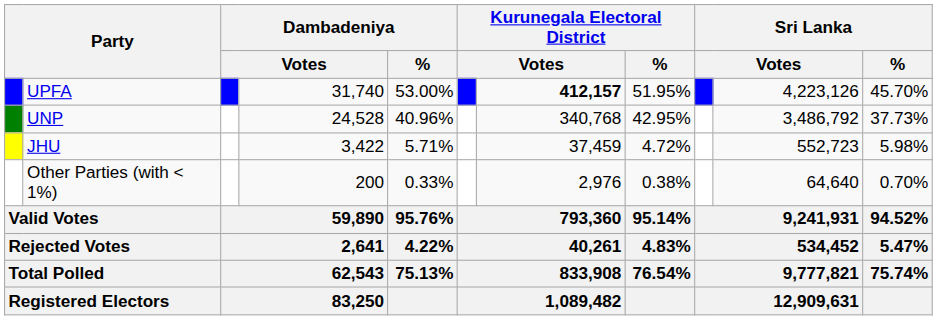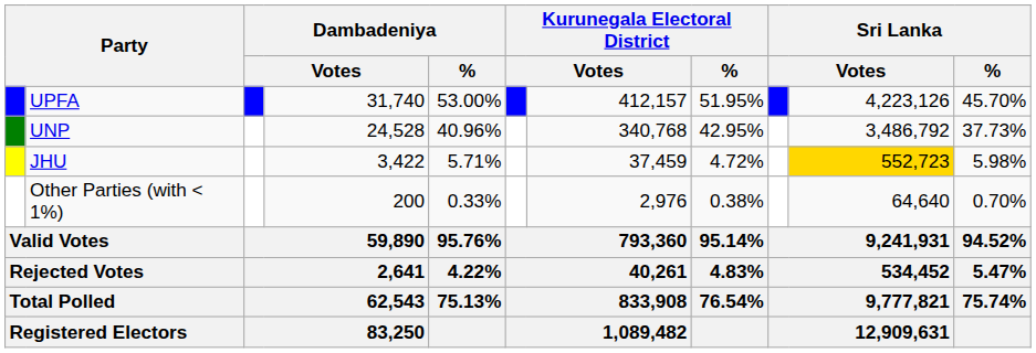 <table class="wikitable">
 <tr>
 <th colspan="2" width="144px"rowspan="2">Party</th>
 <th colspan="3" width="216px">Dambadeniya</th>
 <th colspan="3" width="216px"><a href='#'>Kurunegala Electoral District</a></th>
 <th colspan="3" width="216px">Sri Lanka</th>
 </tr>
 <tr>
 <th colspan="2" width="144px">Votes</th>
 <th>%</th>
 <th colspan="2" width="144px">Votes</th>
 <th>%</th>
 <th colspan="2" width="144px">Votes</th>
 <th>%</th>
 </tr>
 <tr>
 <td style="background-color:blue;" width="10px"></td>
 <td style="text-align:left;"><a href='#'>UPFA</a></td>
 <td style="background-color:blue;" width="10px"></td>
 <td style="text-align:right;">31,740</td>
 <td style="text-align:right;">53.00%</td>
 <td style="background-color:blue;" width="10px"></td>
-<td style="text-align:right;"><strong>412,157</strong></td>
+<td style="text-align:right;">412,157</td>
 <td style="text-align:right;">51.95%</td>
 <td style="background-color:blue;" width="10px"></td>
 <td style="text-align:right;">4,223,126</td>
 <td style="text-align:right;">45.70%</td>
 </tr>
 <tr>
 <td style="background-color:green;" width="10px"></td>
 <td style="text-align:left;"><a href='#'>UNP</a></td>
 <td style="background-color:white;" width="10px"></td>
 <td style="text-align:right;">24,528</td>
 <td style="text-align:right;">40.96%</td>
 <td style="background-color:white;" width="10px"></td>
 <td style="text-align:right;">340,768</td>
 <td style="text-align:right;">42.95%</td>
 <td style="background-color:white;" width="10px"></td>
 <td style="text-align:right;">3,486,792</td>
 <td style="text-align:right;">37.73%</td>
 </tr>
 <tr>
 <td style="background-color:yellow;" width="10px"></td>
 <td style="text-align:left;"><a href='#'>JHU</a></td>
 <td style="background-color:white;" width="10px"></td>
 <td style="text-align:right;">3,422</td>
 <td style="text-align:right;">5.71%</td>
 <td style="background-color:white;" width="10px"></td>
 <td style="text-align:right;">37,459</td>
 <td style="text-align:right;">4.72%</td>
 <td style="background-color:white;" width="10px"></td>
-<td style="text-align:right;">552,723</td>
+<td style="background: gold; text-align:right;">552,723</td>
 <td style="text-align:right;">5.98%</td>
 </tr>
 <tr>
 <td style="background-color:white;" width="10px"></td>
 <td style="text-align:left;">Other Parties (with < 1%)</td>
 <td style="background-color:white;" width="10px"></td>
 <td style="text-align:right;">200</td>
 <td style="text-align:right;">0.33%</td>
 <td style="background-color:white;" width="10px"></td>
 <td style="text-align:right;">2,976</td>
 <td style="text-align:right;">0.38%</td>
 <td style="background-color:white;" width="10px"></td>
 <td style="text-align:right;">64,640</td>
 <td style="text-align:right;">0.70%</td>
 </tr>
 <tr>
 <th colspan="2" width="144px"style="text-align:left;">Valid Votes</th>
 <th style="text-align:right;"colspan="2" width="144px">59,890</th>
 <th style="text-align:right;">95.76%</th>
 <th style="text-align:right;"colspan="2" width="144px">793,360</th>
 <th style="text-align:right;">95.14%</th>
 <th style="text-align:right;"colspan="2" width="144px">9,241,931</th>
 <th style="text-align:right;">94.52%</th>
 </tr>
 <tr>
 <th colspan="2" width="144px"style="text-align:left;">Rejected Votes</th>
 <th style="text-align:right;"colspan="2" width="144px">2,641</th>
 <th style="text-align:right;">4.22%</th>
 <th style="text-align:right;"colspan="2" width="144px">40,261</th>
 <th style="text-align:right;">4.83%</th>
 <th style="text-align:right;"colspan="2" width="144px">534,452</th>
 <th style="text-align:right;">5.47%</th>
 </tr>
 <tr>
 <th colspan="2" width="144px"style="text-align:left;">Total Polled</th>
 <th style="text-align:right;"colspan="2" width="144px">62,543</th>
 <th style="text-align:right;">75.13%</th>
 <th style="text-align:right;"colspan="2" width="144px">833,908</th>
 <th style="text-align:right;">76.54%</th>
 <th style="text-align:right;"colspan="2" width="144px">9,777,821</th>
 <th style="text-align:right;">75.74%</th>
 </tr>
 <tr>
 <th colspan="2" width="144px"style="text-align:left;">Registered Electors</th>
 <th style="text-align:right;"colspan="2" width="144px">83,250</th>
 <th></th>
 <th style="text-align:right;"colspan="2" width="144px">1,089,482</th>
 <th></th>
 <th style="text-align:right;"colspan="2" width="144px">12,909,631</th>
 <th></th>
 </tr>
 </table>
